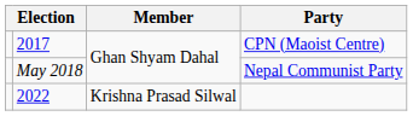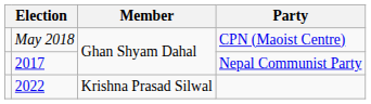 <table class="wikitable">
 <tr>
 <th colspan="2">Election</th>
 <th>Member</th>
 <th>Party</th>
 </tr>
 <tr>
 <td style="background-color:"></td>
-<td><a href='#'>2017</a></td>
+<td><em>May 2018</em></td>
 <td rowspan="2">Ghan Shyam Dahal</td>
 <td><a href='#'>CPN (Maoist Centre)</a></td>
 </tr>
 <tr>
 <td style="background-color:"></td>
-<td><em>May 2018</em></td>
+<td><a href='#'>2017</a></td>
 <td><a href='#'>Nepal Communist Party</a></td>
 </tr>
 <tr>
 <td style="background-color:"></td>
 <td><a href='#'>2022</a></td>
 <td rowspan="2">Krishna Prasad Silwal</td>
 </tr>
 </table>
